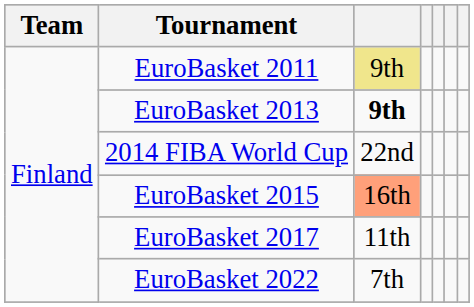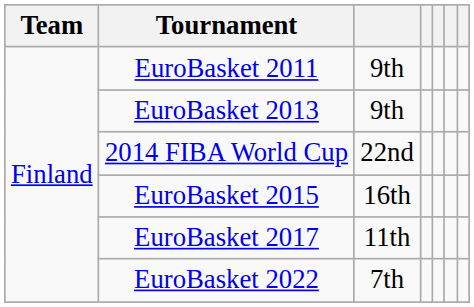 <table class="wikitable" style=" text-align:center;">
 <tr>
 <th>Team</th>
 <th>Tournament</th>
 <th></th>
 <th></th>
 <th></th>
 <th></th>
 <th></th>
 </tr>
 <tr>
 <td rowspan=6><a href='#'>Finland</a></td>
 <td><a href='#'>EuroBasket 2011</a></td>
-<td style="background: khaki;">9th</td>
+<td>9th</td>
 <td></td>
 <td></td>
 <td></td>
 <td></td>
 </tr>
 <tr>
 <td><a href='#'>EuroBasket 2013</a></td>
-<td><strong>9th</strong></td>
+<td>9th</td>
 <td></td>
 <td></td>
 <td></td>
 <td></td>
 </tr>
 <tr>
 <td><a href='#'>2014 FIBA World Cup</a></td>
 <td>22nd</td>
 <td></td>
 <td></td>
 <td></td>
 <td></td>
 </tr>
 <tr>
 <td><a href='#'>EuroBasket 2015</a></td>
-<td style="background: lightsalmon;">16th</td>
+<td>16th</td>
 <td></td>
 <td></td>
 <td></td>
 <td></td>
 </tr>
 <tr>
 <td><a href='#'>EuroBasket 2017</a></td>
 <td>11th</td>
 <td></td>
 <td></td>
 <td></td>
 <td></td>
 </tr>
 <tr>
 <td><a href='#'>EuroBasket 2022</a></td>
 <td>7th</td>
 <td></td>
 <td></td>
 <td></td>
 <td></td>
 </tr>
 </table>
